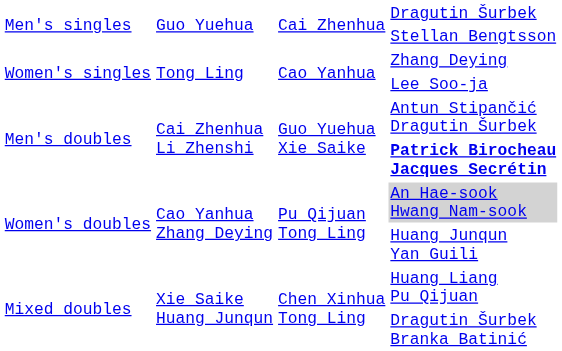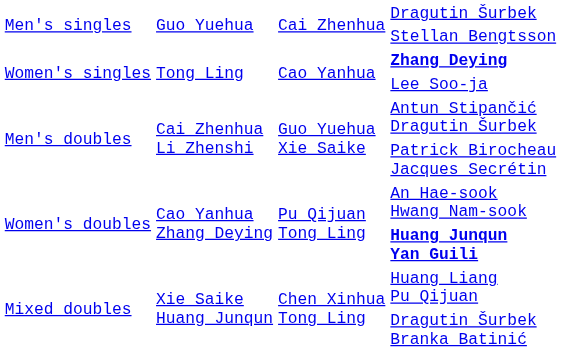 <table>
 <tr>
 <td rowspan=2><a href='#'>Men's singles</a></td>
 <td rowspan=2> <a href='#'>Guo Yuehua</a></td>
 <td rowspan=2> <a href='#'>Cai Zhenhua</a></td>
 <td> <a href='#'>Dragutin Šurbek</a></td>
 </tr>
 <tr>
 <td> <a href='#'>Stellan Bengtsson</a></td>
 </tr>
 <tr>
 <td rowspan=2><a href='#'>Women's singles</a></td>
 <td rowspan=2> <a href='#'>Tong Ling</a></td>
 <td rowspan=2> <a href='#'>Cao Yanhua</a></td>
-<td> <a href='#'>Zhang Deying</a></td>
+<td><strong> <a href='#'>Zhang Deying</a></strong></td>
 </tr>
 <tr>
 <td> <a href='#'>Lee Soo-ja</a></td>
 </tr>
 <tr>
 <td rowspan=2><a href='#'>Men's doubles</a></td>
 <td rowspan=2> <a href='#'>Cai Zhenhua</a><br> <a href='#'>Li Zhenshi</a></td>
 <td rowspan=2> <a href='#'>Guo Yuehua</a><br> <a href='#'>Xie Saike</a></td>
 <td> <a href='#'>Antun Stipančić</a><br> <a href='#'>Dragutin Šurbek</a></td>
 </tr>
 <tr>
-<td><strong> <a href='#'>Patrick Birocheau</a><br> <a href='#'>Jacques Secrétin</a></strong></td>
+<td> <a href='#'>Patrick Birocheau</a><br> <a href='#'>Jacques Secrétin</a></td>
 </tr>
 <tr>
 <td rowspan=2><a href='#'>Women's doubles</a></td>
 <td rowspan=2> <a href='#'>Cao Yanhua</a><br> <a href='#'>Zhang Deying</a></td>
 <td rowspan=2> <a href='#'>Pu Qijuan</a><br> <a href='#'>Tong Ling</a></td>
-<td style="background: lightgrey;"> <a href='#'>An Hae-sook</a><br> <a href='#'>Hwang Nam-sook</a></td>
+<td> <a href='#'>An Hae-sook</a><br> <a href='#'>Hwang Nam-sook</a></td>
 </tr>
 <tr>
-<td> <a href='#'>Huang Junqun</a><br> <a href='#'>Yan Guili</a></td>
+<td><strong> <a href='#'>Huang Junqun</a><br> <a href='#'>Yan Guili</a></strong></td>
 </tr>
 <tr>
 <td rowspan=2><a href='#'>Mixed doubles</a></td>
 <td rowspan=2> <a href='#'>Xie Saike</a><br> <a href='#'>Huang Junqun</a></td>
 <td rowspan=2> <a href='#'>Chen Xinhua</a><br> <a href='#'>Tong Ling</a></td>
 <td> <a href='#'>Huang Liang</a><br> <a href='#'>Pu Qijuan</a></td>
 </tr>
 <tr>
 <td> <a href='#'>Dragutin Šurbek</a><br> <a href='#'>Branka Batinić</a></td>
 </tr>
 </table>
